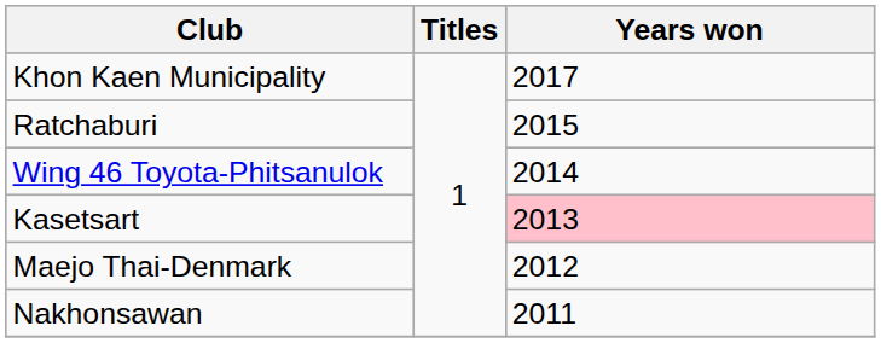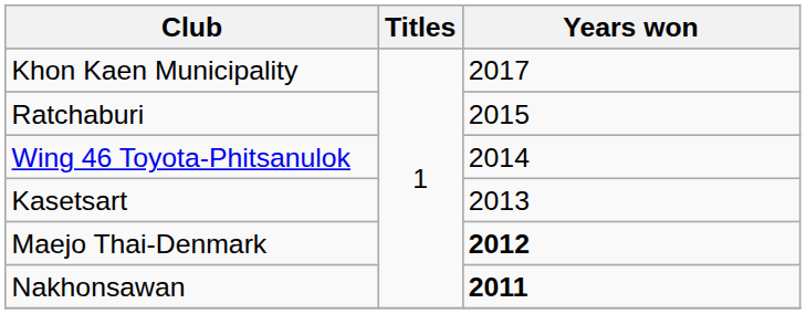 <table class="wikitable sortable" style="font-size: 95%;">
 <tr>
 <th width="200">Club</th>
 <th width="30">Titles</th>
 <th width="180">Years won</th>
 </tr>
 <tr>
 <td>Khon Kaen Municipality</td>
 <td rowspan=6 style="text-align:center;">1</td>
 <td>2017</td>
 </tr>
 <tr>
 <td>Ratchaburi</td>
 <td>2015</td>
 </tr>
 <tr>
 <td><a href='#'>Wing 46 Toyota-Phitsanulok</a></td>
 <td>2014</td>
 </tr>
 <tr>
 <td>Kasetsart</td>
-<td style="background: pink;">2013</td>
+<td>2013</td>
 </tr>
 <tr>
 <td>Maejo Thai-Denmark</td>
-<td>2012</td>
+<td><strong>2012</strong></td>
 </tr>
 <tr>
 <td>Nakhonsawan</td>
-<td>2011</td>
+<td><strong>2011</strong></td>
 </tr>
 <tr>
 </tr>
 </table>
